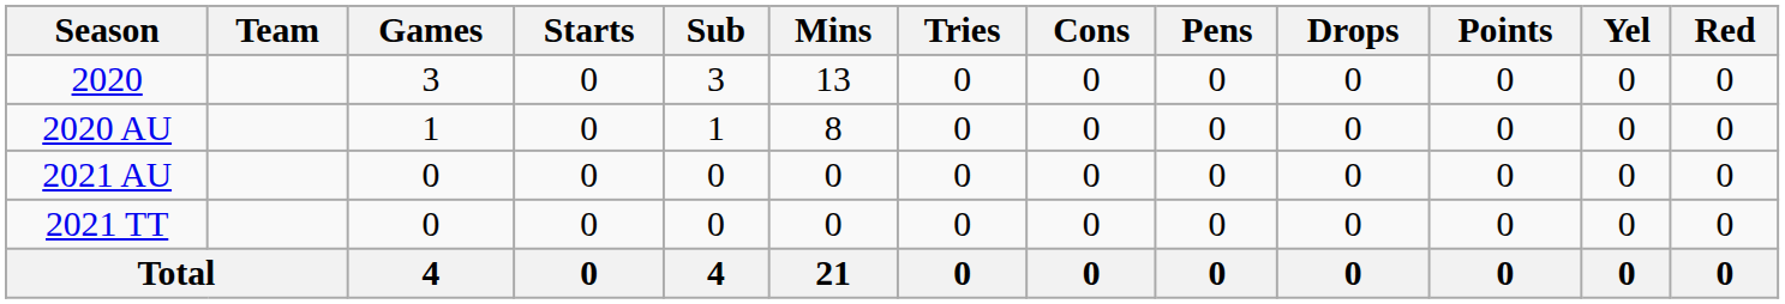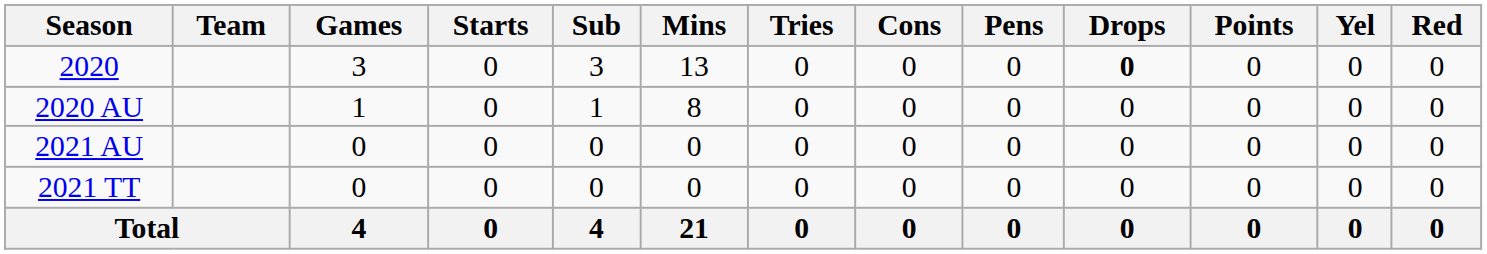 <table class="wikitable" style="text-align:center; line-height:90%; font-size:95%; width:60%;">
 <tr>
 <th>Season</th>
 <th>Team</th>
 <th>Games</th>
 <th>Starts</th>
 <th>Sub</th>
 <th>Mins</th>
 <th>Tries</th>
 <th>Cons</th>
 <th>Pens</th>
 <th>Drops</th>
 <th>Points</th>
 <th>Yel</th>
 <th>Red</th>
 </tr>
 <tr>
 <td><a href='#'>2020</a></td>
 <td></td>
 <td>3</td>
 <td>0</td>
 <td>3</td>
 <td>13</td>
 <td>0</td>
 <td>0</td>
 <td>0</td>
-<td>0</td>
+<td><strong>0</strong></td>
 <td>0</td>
 <td>0</td>
 <td>0</td>
 </tr>
 <tr>
 <td><a href='#'>2020 AU</a></td>
 <td></td>
 <td>1</td>
 <td>0</td>
 <td>1</td>
 <td>8</td>
 <td>0</td>
 <td>0</td>
 <td>0</td>
 <td>0</td>
 <td>0</td>
 <td>0</td>
 <td>0</td>
 </tr>
 <tr>
 <td><a href='#'>2021 AU</a></td>
 <td></td>
 <td>0</td>
 <td>0</td>
 <td>0</td>
 <td>0</td>
 <td>0</td>
 <td>0</td>
 <td>0</td>
 <td>0</td>
 <td>0</td>
 <td>0</td>
 <td>0</td>
 </tr>
 <tr>
 <td><a href='#'>2021 TT</a></td>
 <td></td>
 <td>0</td>
 <td>0</td>
 <td>0</td>
 <td>0</td>
 <td>0</td>
 <td>0</td>
 <td>0</td>
 <td>0</td>
 <td>0</td>
 <td>0</td>
 <td>0</td>
 </tr>
 <tr>
 <th colspan="2">Total</th>
 <th>4</th>
 <th>0</th>
 <th>4</th>
 <th>21</th>
 <th>0</th>
 <th>0</th>
 <th>0</th>
 <th>0</th>
 <th>0</th>
 <th>0</th>
 <th>0</th>
 </tr>
 </table>
